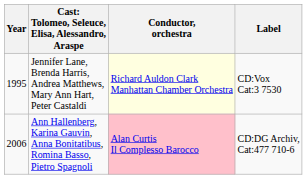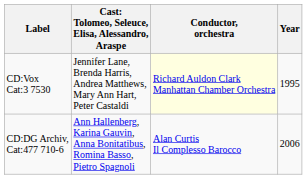 <table class="wikitable">
 <tr>
-<th>Year</th>
+<th>Label</th>
 <th>Cast:<br>Tolomeo, Seleuce, <br>Elisa, Alessandro,<br>Araspe</th>
 <th>Conductor,<br>orchestra</th>
-<th>Label</th>
+<th>Year</th>
 </tr>
 <tr>
-<td>1995</td>
+<td>CD:Vox<br>Cat:3 7530</td>
 <td>Jennifer Lane,<br> Brenda Harris,<br>Andrea Matthews,<br>Mary Ann Hart,<br>Peter Castaldi</td>
 <td style="background: lightyellow;"><a href='#'>Richard Auldon Clark</a><br><a href='#'>Manhattan Chamber Orchestra</a></td>
-<td>CD:Vox<br>Cat:3 7530</td>
+<td>1995</td>
 </tr>
 <tr>
+<td>CD:DG Archiv,<br>Cat:477 710-6</td>
+<td><a href='#'>Ann Hallenberg</a>,<br><a href='#'>Karina Gauvin</a>,<br><a href='#'>Anna Bonitatibus</a>,<br><a href='#'>Romina Basso</a>,<br><a href='#'>Pietro Spagnoli</a></td>
+<td><a href='#'>Alan Curtis</a><br><a href='#'>Il Complesso Barocco</a></td>
 <td>2006</td>
-<td><a href='#'>Ann Hallenberg</a>,<br><a href='#'>Karina Gauvin</a>,<br><a href='#'>Anna Bonitatibus</a>,<br><a href='#'>Romina Basso</a>,<br><a href='#'>Pietro Spagnoli</a></td>
-<td style="background: pink;"><a href='#'>Alan Curtis</a><br><a href='#'>Il Complesso Barocco</a></td>
-<td>CD:DG Archiv,<br>Cat:477 710-6</td>
 </tr>
 </table>
